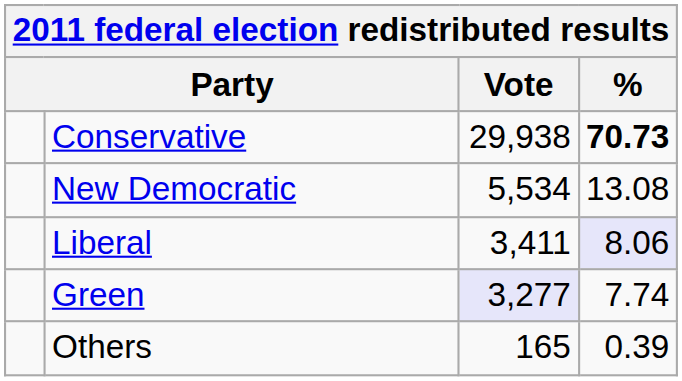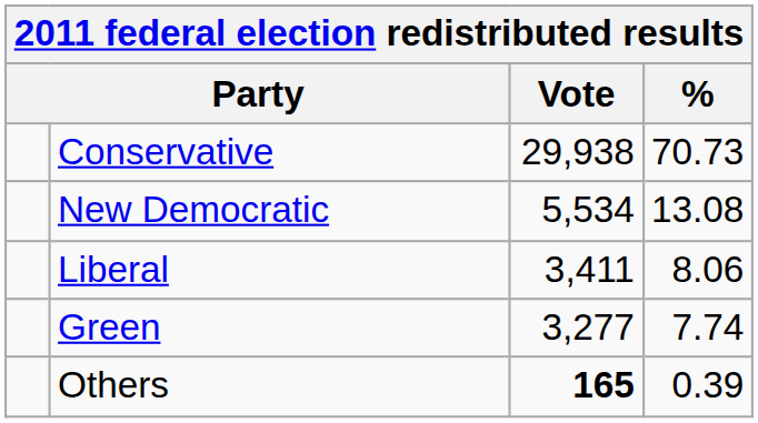 <table class="wikitable">
 <tr>
 <th colspan="4"><a href='#'>2011 federal election</a> redistributed results</th>
 </tr>
 <tr>
 <th bgcolor="#DDDDFF" width="130px" colspan="2">Party</th>
 <th bgcolor="#DDDDFF" width="50px">Vote</th>
 <th bgcolor="#DDDDFF" width="30px">%</th>
 </tr>
 <tr>
 <td> </td>
 <td><a href='#'>Conservative</a></td>
 <td align=right>29,938</td>
-<td align=right><strong>70.73</strong></td>
+<td align=right>70.73</td>
 </tr>
 <tr>
 <td> </td>
 <td><a href='#'>New Democratic</a></td>
 <td align=right>5,534</td>
 <td align=right>13.08</td>
 </tr>
 <tr>
 <td> </td>
 <td><a href='#'>Liberal</a></td>
 <td align=right>3,411</td>
-<td align=right style="background: lavender;">8.06</td>
+<td align=right>8.06</td>
 </tr>
 <tr>
 <td> </td>
 <td><a href='#'>Green</a></td>
-<td align=right style="background: lavender;">3,277</td>
+<td align=right>3,277</td>
 <td align=right>7.74</td>
 </tr>
 <tr>
 <td> </td>
 <td>Others</td>
-<td align=right>165</td>
+<td align=right><strong>165</strong></td>
 <td align=right>0.39</td>
 </tr>
 </table>
